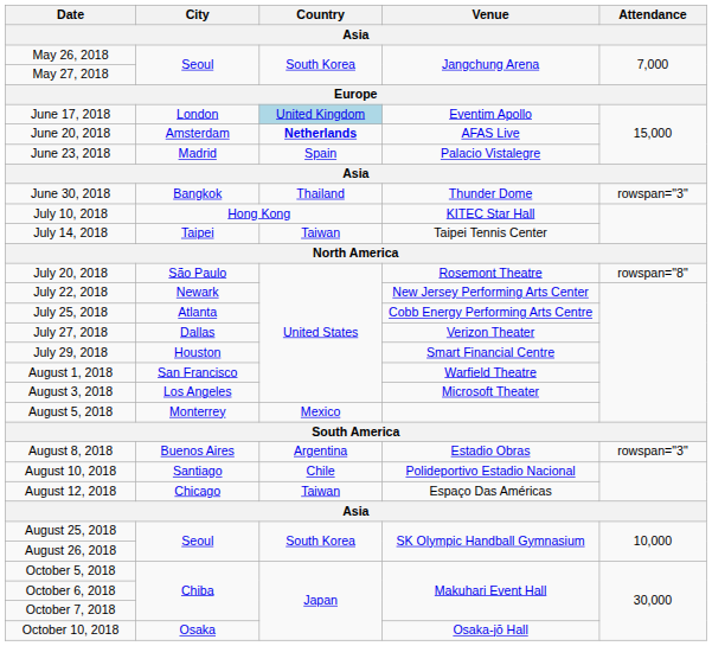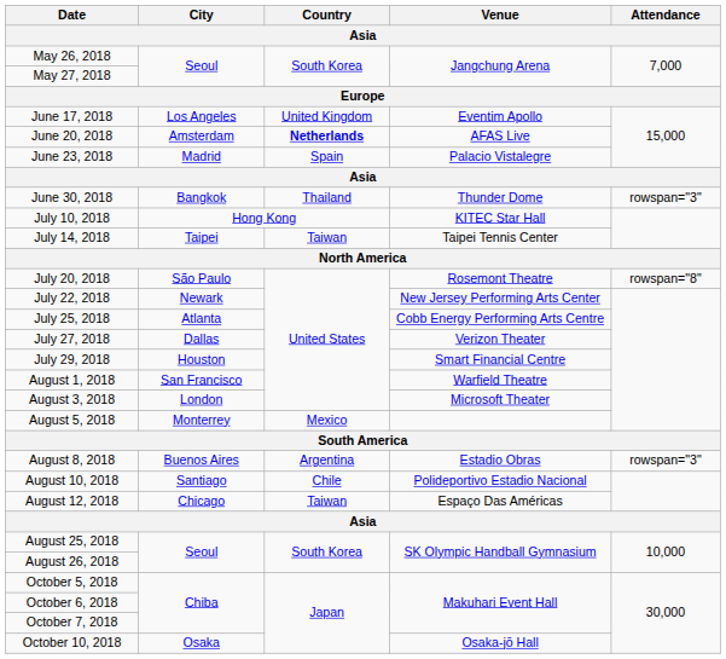 <table class="wikitable" style="text-align:center;">
 <tr>
 <th width="160">Date</th>
 <th width="150">City</th>
 <th width="150">Country</th>
 <th width="270">Venue</th>
 <th width="130">Attendance</th>
 </tr>
 <tr>
 <th colspan="5" align="center"><strong>Asia</strong></th>
 </tr>
 <tr>
 <td align="center">May 26, 2018</td>
 <td rowspan="2" align="center"><a href='#'>Seoul</a></td>
 <td rowspan="2" align="center"><a href='#'>South Korea</a></td>
 <td rowspan="2" align="center"><a href='#'>Jangchung Arena</a></td>
 <td rowspan="2">7,000</td>
 </tr>
 <tr>
 <td>May 27, 2018</td>
 </tr>
 <tr>
 <th colspan="5" align="center"><strong>Europe</strong></th>
 </tr>
 <tr>
 <td align="center">June 17, 2018</td>
-<td align="center"><a href='#'>London</a></td>
-<td align="center" style="background: lightblue;"><a href='#'>United Kingdom</a></td>
+<td align="center"><a href='#'>Los Angeles</a></td>
+<td align="center"><a href='#'>United Kingdom</a></td>
 <td align="center"><a href='#'>Eventim Apollo</a></td>
 <td rowspan="3" align="center">15,000</td>
 </tr>
 <tr>
 <td align="center">June 20, 2018</td>
 <td align="center"><a href='#'>Amsterdam</a></td>
 <td align="center"><strong><a href='#'>Netherlands</a></strong></td>
 <td align="center"><a href='#'>AFAS Live</a></td>
 </tr>
 <tr>
 <td align="center">June 23, 2018</td>
 <td align="center"><a href='#'>Madrid</a></td>
 <td align="center"><a href='#'>Spain</a></td>
 <td align="center"><a href='#'>Palacio Vistalegre</a></td>
 </tr>
 <tr>
 <th colspan="5" align="center"><strong>Asia</strong></th>
 </tr>
 <tr>
 <td align="center">June 30, 2018</td>
 <td align="center"><a href='#'>Bangkok</a></td>
 <td align="center"><a href='#'>Thailand</a></td>
 <td align="center"><a href='#'>Thunder Dome</a></td>
 <td>rowspan="3" </td>
 </tr>
 <tr>
 <td align="center">July 10, 2018</td>
 <td colspan="2" align="center"><a href='#'>Hong Kong</a></td>
 <td align="center"><a href='#'>KITEC Star Hall</a></td>
 </tr>
 <tr>
 <td align="center">July 14, 2018</td>
 <td align="center"><a href='#'>Taipei</a></td>
 <td align="center"><a href='#'>Taiwan</a></td>
 <td align="center">Taipei Tennis Center</td>
 </tr>
 <tr>
 <th colspan="5" align="center"><strong>North America</strong></th>
 </tr>
 <tr>
 <td align="center">July 20, 2018</td>
 <td align="center"><a href='#'>São Paulo</a></td>
 <td rowspan="7" align="center"><a href='#'>United States</a></td>
 <td align="center"><a href='#'>Rosemont Theatre</a></td>
 <td>rowspan="8" </td>
 </tr>
 <tr>
 <td align="center">July 22, 2018</td>
 <td align="center"><a href='#'>Newark</a></td>
 <td align="center"><a href='#'>New Jersey Performing Arts Center</a></td>
 </tr>
 <tr>
 <td align="center">July 25, 2018</td>
 <td align="center"><a href='#'>Atlanta</a></td>
 <td align="center"><a href='#'>Cobb Energy Performing Arts Centre</a></td>
 </tr>
 <tr>
 <td align="center">July 27, 2018</td>
 <td align="center"><a href='#'>Dallas</a></td>
 <td align="center"><a href='#'>Verizon Theater</a></td>
 </tr>
 <tr>
 <td align="center">July 29, 2018</td>
 <td align="center"><a href='#'>Houston</a></td>
 <td align="center"><a href='#'>Smart Financial Centre</a></td>
 </tr>
 <tr>
 <td align="center">August 1, 2018</td>
 <td align="center"><a href='#'>San Francisco</a></td>
 <td align="center"><a href='#'>Warfield Theatre</a></td>
 </tr>
 <tr>
 <td align="center">August 3, 2018</td>
-<td align="center"><a href='#'>Los Angeles</a></td>
+<td align="center"><a href='#'>London</a></td>
 <td align="center"><a href='#'>Microsoft Theater</a></td>
 </tr>
 <tr>
 <td align="center">August 5, 2018</td>
 <td align="center"><a href='#'>Monterrey</a></td>
 <td align="center"><a href='#'>Mexico</a></td>
 <td align="center"></td>
 </tr>
 <tr>
 <th colspan="5" align="center"><strong>South America</strong></th>
 </tr>
 <tr>
 <td align="center">August 8, 2018</td>
 <td align="center"><a href='#'>Buenos Aires</a></td>
 <td align="center"><a href='#'>Argentina</a></td>
 <td align="center"><a href='#'>Estadio Obras</a></td>
 <td>rowspan="3" </td>
 </tr>
 <tr>
 <td align="center">August 10, 2018</td>
 <td align="center"><a href='#'>Santiago</a></td>
 <td align="center"><a href='#'>Chile</a></td>
 <td align="center"><a href='#'>Polideportivo Estadio Nacional</a></td>
 </tr>
 <tr>
 <td align="center">August 12, 2018</td>
 <td align="center"><a href='#'>Chicago</a></td>
 <td align="center"><a href='#'>Taiwan</a></td>
 <td align="center">Espaço Das Américas</td>
 </tr>
 <tr>
 <th colspan="5" align="center"><strong>Asia</strong></th>
 </tr>
 <tr>
 <td align="center">August 25, 2018</td>
 <td rowspan="2" align="center"><a href='#'>Seoul</a></td>
 <td rowspan="2" align="center"><a href='#'>South Korea</a></td>
 <td rowspan="2" align="center"><a href='#'>SK Olympic Handball Gymnasium</a></td>
 <td rowspan="2">10,000</td>
 </tr>
 <tr>
 <td>August 26, 2018</td>
 </tr>
 <tr>
 <td align="center">October 5, 2018</td>
 <td rowspan="3" align="center"><a href='#'>Chiba</a></td>
 <td rowspan="4" align="center"><a href='#'>Japan</a></td>
 <td rowspan="3" align="center"><a href='#'>Makuhari Event Hall</a></td>
 <td rowspan="4">30,000</td>
 </tr>
 <tr>
 <td>October 6, 2018</td>
 </tr>
 <tr>
 <td>October 7, 2018</td>
 </tr>
 <tr>
 <td align="center">October 10, 2018</td>
 <td align="center"><a href='#'>Osaka</a></td>
 <td align="center"><a href='#'>Osaka-jō Hall</a></td>
 </tr>
 </table>
